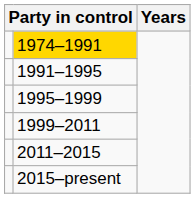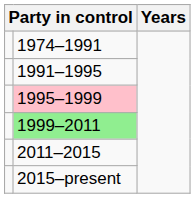 <table class="wikitable">
 <tr>
 <th colspan="2">Party in control</th>
 <th>Years</th>
 </tr>
 <tr>
 <td></td>
-<td style="background: gold;">1974–1991</td>
+<td>1974–1991</td>
 </tr>
 <tr>
 <td></td>
 <td>1991–1995</td>
 </tr>
 <tr>
 <td></td>
-<td>1995–1999</td>
+<td style="background: pink;">1995–1999</td>
 </tr>
 <tr>
 <td></td>
-<td>1999–2011</td>
+<td style="background: lightgreen;">1999–2011</td>
 </tr>
 <tr>
 <td></td>
 <td>2011–2015</td>
 </tr>
 <tr>
 <td></td>
 <td>2015–present</td>
 </tr>
 </table>
